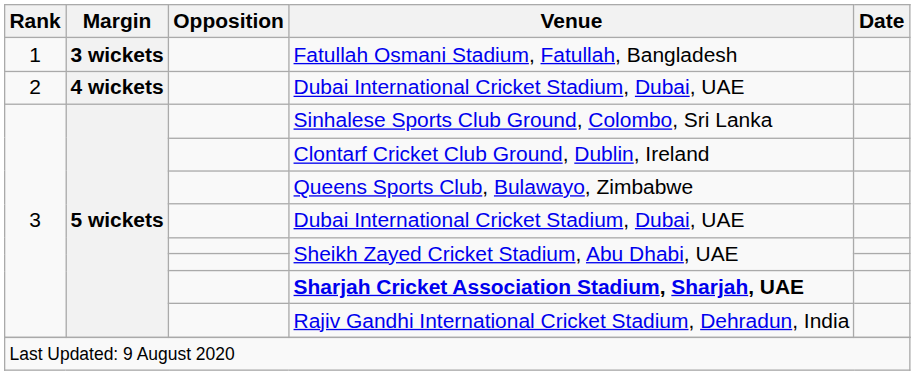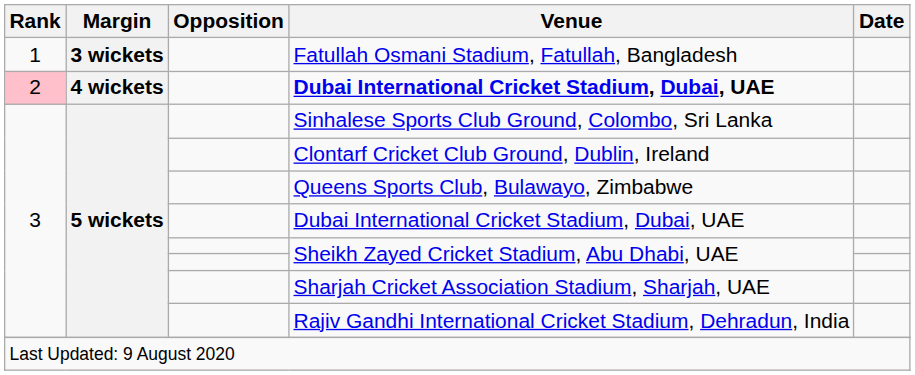 <table class="wikitable plainrowheaders sortable">
 <tr>
 <th scope=col>Rank</th>
 <th scope=col>Margin</th>
 <th scope=col>Opposition</th>
 <th scope=col>Venue</th>
 <th scope=col>Date</th>
 </tr>
 <tr>
 <td align=center>1</td>
 <th scope=row style=text-align:center>3 wickets</th>
 <td></td>
 <td><a href='#'>Fatullah Osmani Stadium</a>, <a href='#'>Fatullah</a>, Bangladesh</td>
 <td></td>
 </tr>
 <tr>
-<td align=center>2</td>
+<td align=center style="background: pink;">2</td>
 <th scope=row style=text-align:center>4 wickets</th>
 <td></td>
-<td><a href='#'>Dubai International Cricket Stadium</a>, <a href='#'>Dubai</a>, UAE</td>
+<td><strong><a href='#'>Dubai International Cricket Stadium</a>, <a href='#'>Dubai</a>, UAE</strong></td>
 <td></td>
 </tr>
 <tr>
 <td align=center rowspan=8>3</td>
 <th scope=row style=text-align:center rowspan=8>5 wickets</th>
 <td></td>
 <td><a href='#'>Sinhalese Sports Club Ground</a>, <a href='#'>Colombo</a>, Sri Lanka</td>
 <td></td>
 </tr>
 <tr>
 <td></td>
 <td><a href='#'>Clontarf Cricket Club Ground</a>, <a href='#'>Dublin</a>, Ireland</td>
 <td></td>
 </tr>
 <tr>
 <td></td>
 <td><a href='#'>Queens Sports Club</a>, <a href='#'>Bulawayo</a>, Zimbabwe</td>
 <td></td>
 </tr>
 <tr>
 <td></td>
 <td><a href='#'>Dubai International Cricket Stadium</a>, <a href='#'>Dubai</a>, UAE</td>
 <td></td>
 </tr>
 <tr>
 <td></td>
 <td rowspan=2><a href='#'>Sheikh Zayed Cricket Stadium</a>, <a href='#'>Abu Dhabi</a>, UAE</td>
 <td></td>
 </tr>
 <tr>
 <td></td>
 <td></td>
 </tr>
 <tr>
 <td></td>
-<td><strong><a href='#'>Sharjah Cricket Association Stadium</a>, <a href='#'>Sharjah</a>, UAE</strong></td>
+<td><a href='#'>Sharjah Cricket Association Stadium</a>, <a href='#'>Sharjah</a>, UAE</td>
 <td></td>
 </tr>
 <tr>
 <td></td>
 <td><a href='#'>Rajiv Gandhi International Cricket Stadium</a>, <a href='#'>Dehradun</a>, India</td>
 <td></td>
 </tr>
 <tr>
 </tr>
 <tr class=sortbottom>
 <td colspan=6><small>Last Updated: 9 August 2020</small></td>
 </tr>
 </table>
